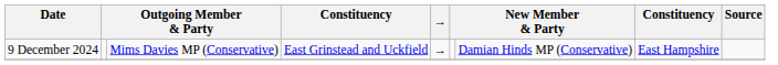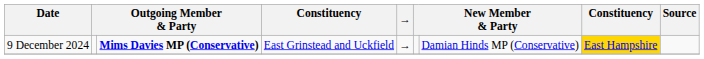 <table class="wikitable">
 <tr>
 <th valign="top">Date</th>
 <th colspan="2" valign="top">Outgoing Member<br>& Party</th>
 <th valign="top">Constituency</th>
 <th>→</th>
 <th colspan="2" valign="top">New Member<br>& Party</th>
 <th valign="top">Constituency</th>
 <th valign="top">Source</th>
 </tr>
 <tr>
 <td nowrap>9 December 2024</td>
 <td style="color:inherit;background:"></td>
-<td><a href='#'>Mims Davies</a> MP (<a href='#'>Conservative</a>)</td>
+<td><strong><a href='#'>Mims Davies</a> MP (<a href='#'>Conservative</a>)</strong></td>
 <td><a href='#'>East Grinstead and Uckfield</a></td>
 <td>→</td>
 <td style="color:inherit;background:"></td>
 <td><a href='#'>Damian Hinds</a> MP (<a href='#'>Conservative</a>)</td>
-<td><a href='#'>East Hampshire</a></td>
+<td style="background: gold;"><a href='#'>East Hampshire</a></td>
 <td></td>
 </tr>
 <tr>
 </tr>
 </table>
